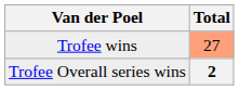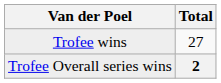 <table class="wikitable plainrowheaders">
 <tr>
 <th scope="col">Van der Poel</th>
 <th scope="col">Total</th>
 </tr>
 <tr style="text-align:center;">
 <td style="background:#eeeeee"><a href='#'>Trofee</a> wins</td>
-<td style="background: lightsalmon;">27</td>
+<td>27</td>
 </tr>
 <tr style="text-align:center;">
 <td style="background:#eeeeee"><a href='#'>Trofee</a> Overall series wins</td>
 <th>2</th>
 </tr>
 </table>
